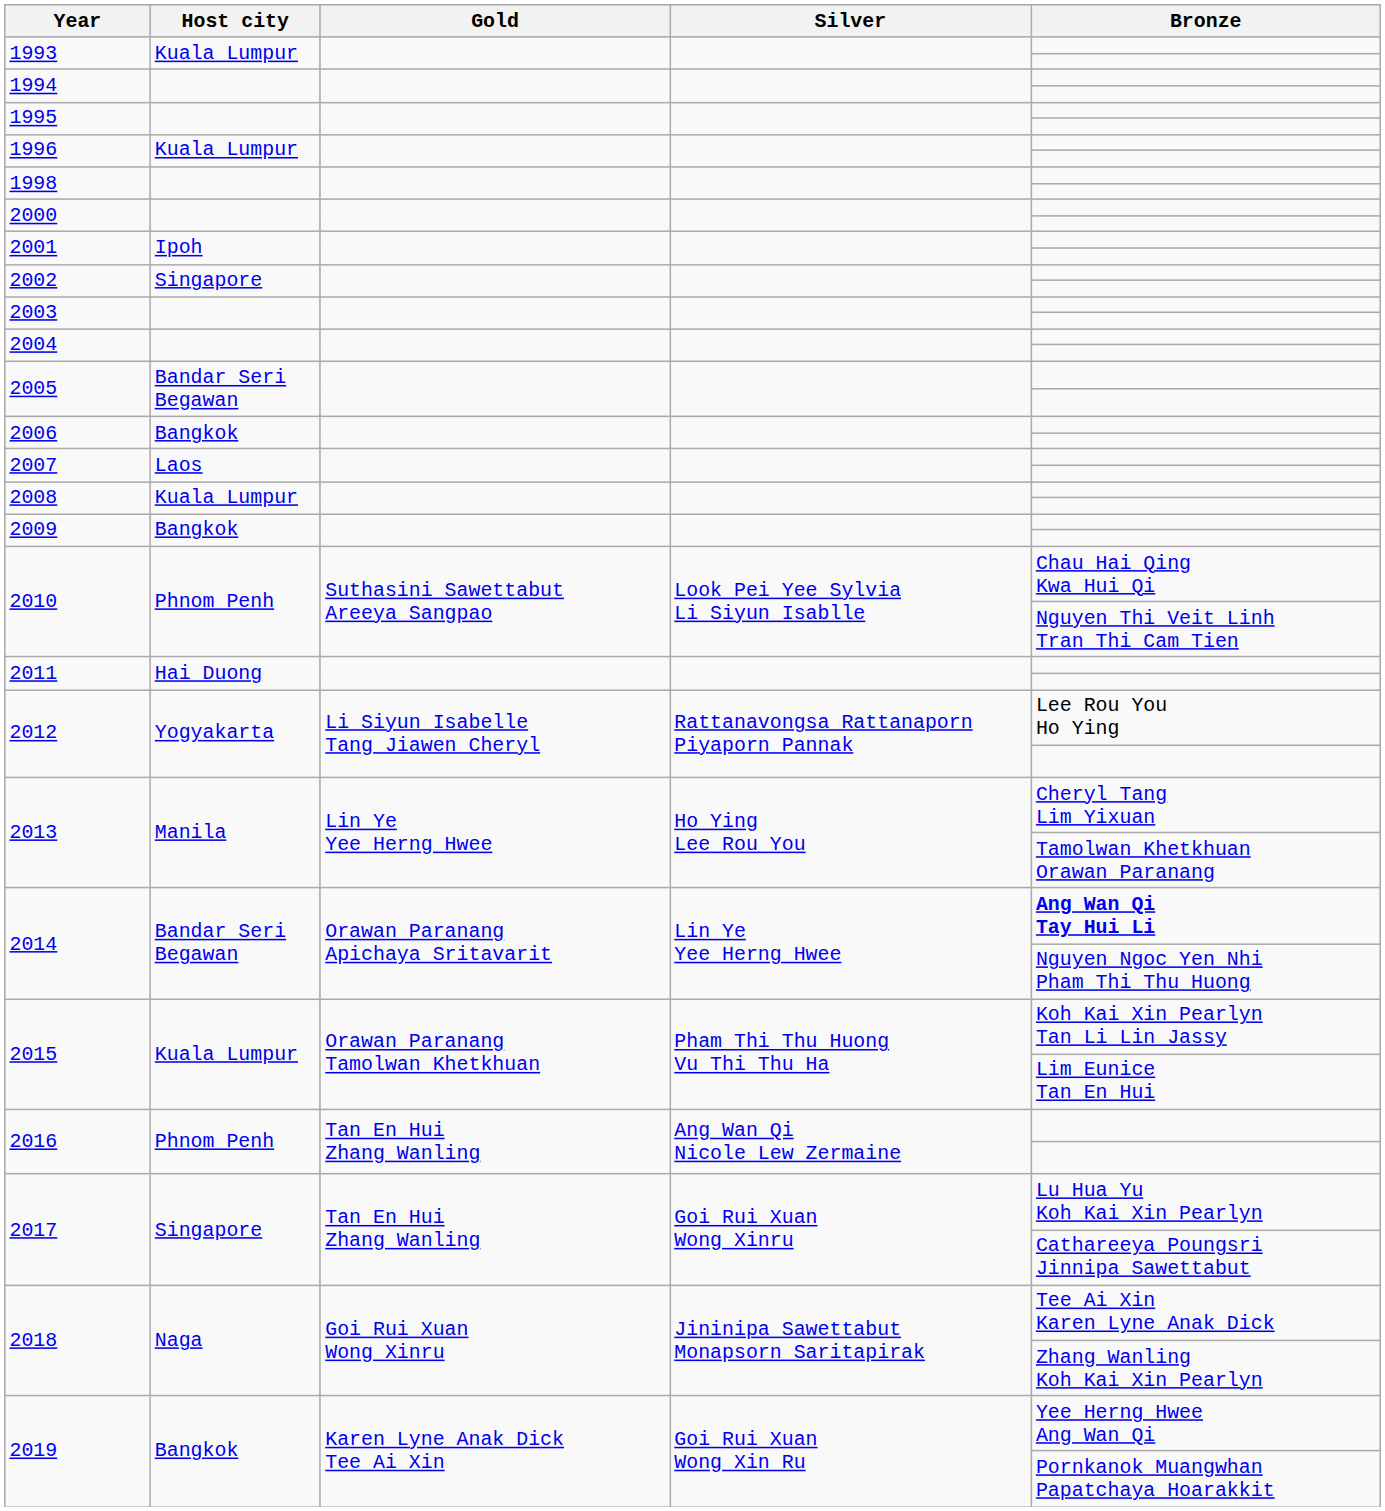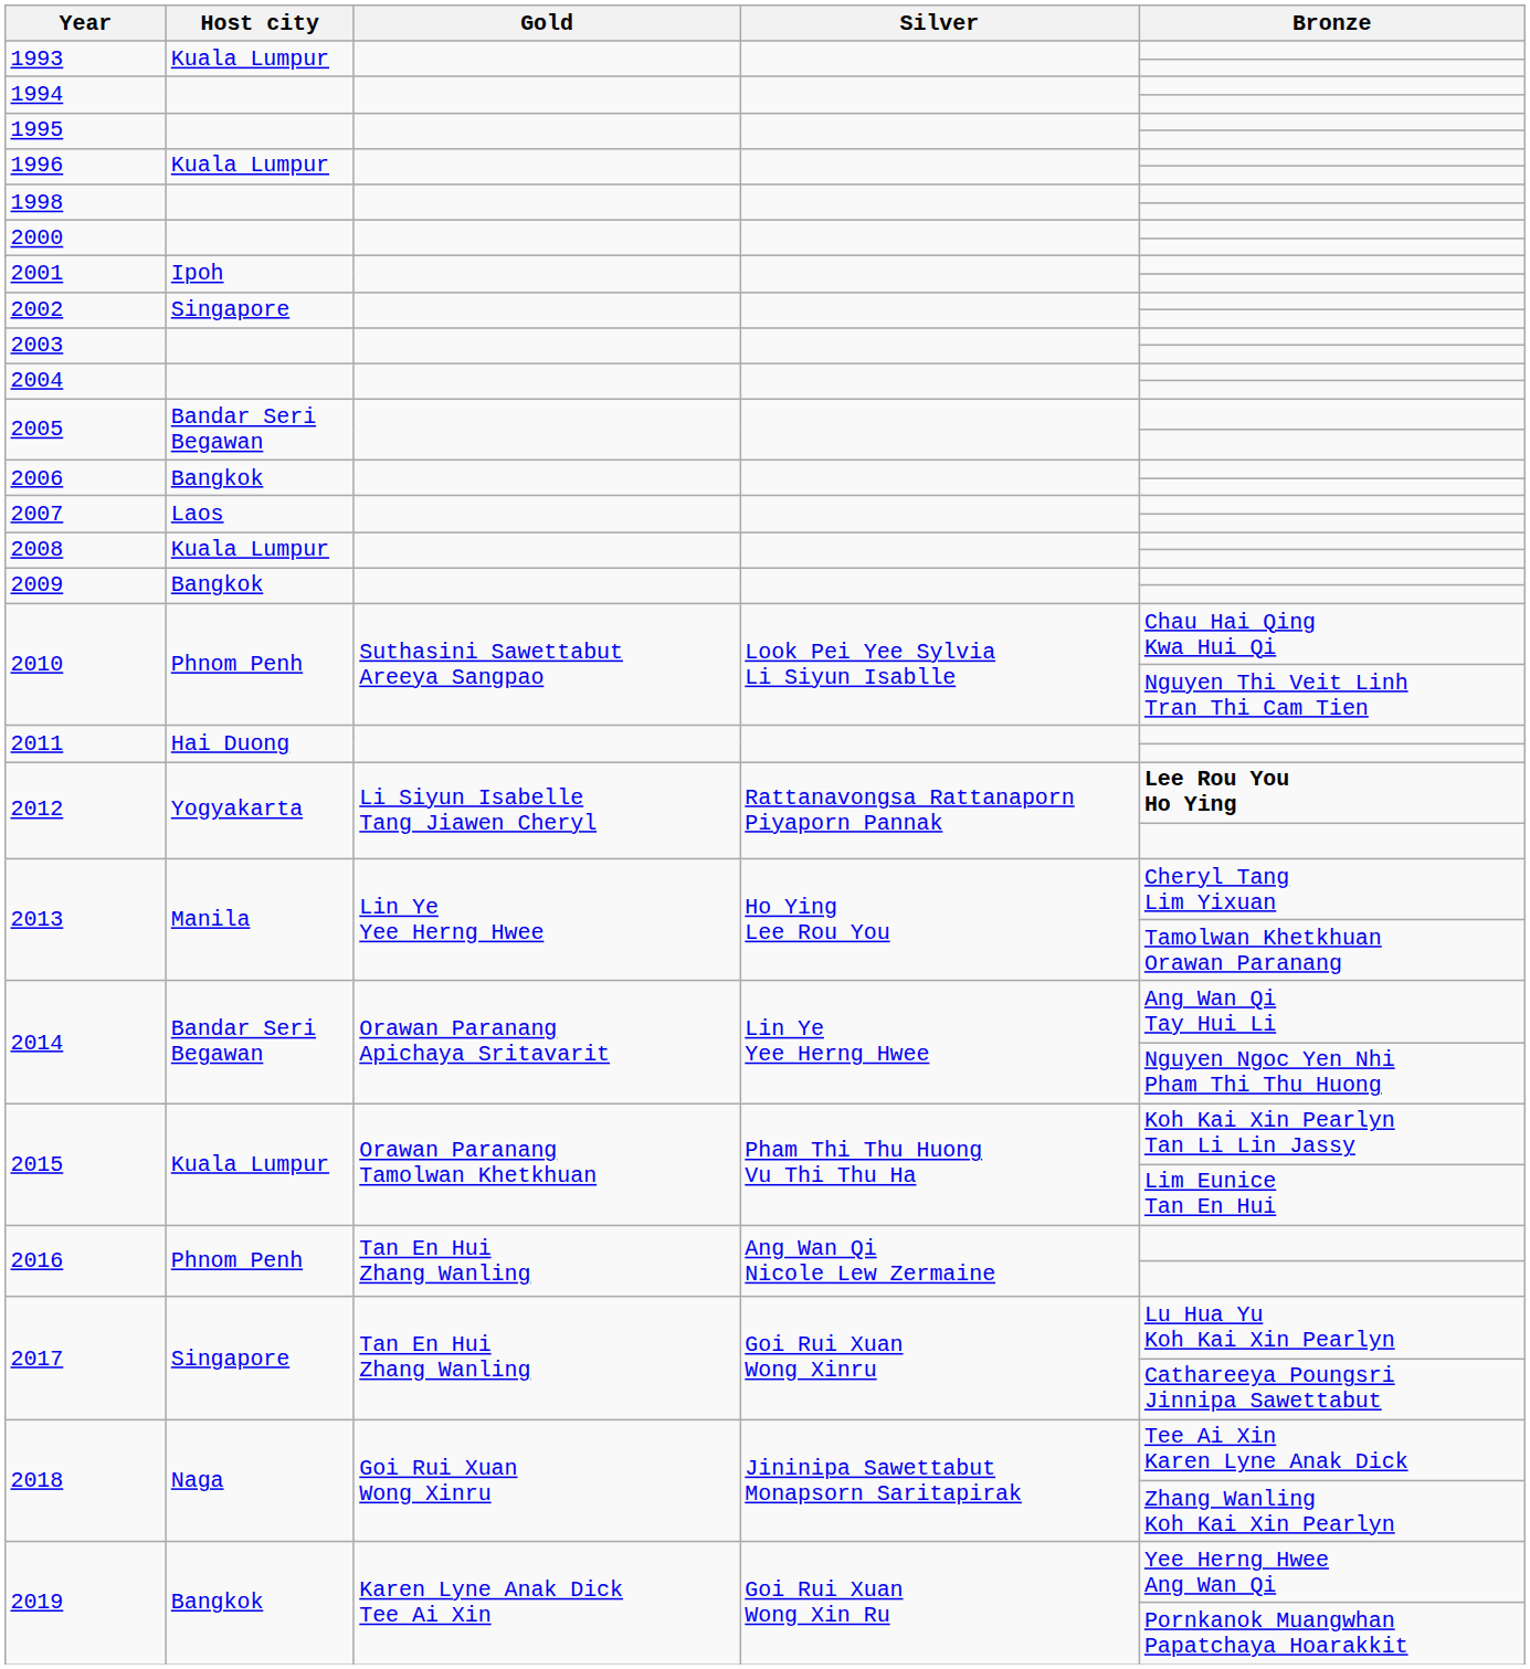 <table class="wikitable sortable" style="width:900px;">
 <tr>
 <th width="120">Year</th>
 <th width="120">Host city</th>
 <th width="300">Gold</th>
 <th width="300">Silver</th>
 <th width="300">Bronze</th>
 </tr>
 <tr>
 <td rowspan=2><a href='#'>1993</a></td>
 <td rowspan=2><a href='#'>Kuala Lumpur</a></td>
 <td rowspan=2></td>
 <td rowspan=2></td>
 <td></td>
 </tr>
 <tr>
 <td></td>
 </tr>
 <tr>
 <td rowspan=2><a href='#'>1994</a></td>
 <td rowspan=2></td>
 <td rowspan=2></td>
 <td rowspan=2></td>
 <td></td>
 </tr>
 <tr>
 <td></td>
 </tr>
 <tr>
 <td rowspan=2><a href='#'>1995</a></td>
 <td rowspan=2></td>
 <td rowspan=2></td>
 <td rowspan=2></td>
 <td></td>
 </tr>
 <tr>
 <td></td>
 </tr>
 <tr>
 <td rowspan=2><a href='#'>1996</a></td>
 <td rowspan=2><a href='#'>Kuala Lumpur</a></td>
 <td rowspan=2></td>
 <td rowspan=2></td>
 <td></td>
 </tr>
 <tr>
 <td></td>
 </tr>
 <tr>
 <td rowspan=2><a href='#'>1998</a></td>
 <td rowspan=2></td>
 <td rowspan=2></td>
 <td rowspan=2></td>
 <td></td>
 </tr>
 <tr>
 <td></td>
 </tr>
 <tr>
 <td rowspan=2><a href='#'>2000</a></td>
 <td rowspan=2></td>
 <td rowspan=2></td>
 <td rowspan=2></td>
 <td></td>
 </tr>
 <tr>
 <td></td>
 </tr>
 <tr>
 <td rowspan=2><a href='#'>2001</a></td>
 <td rowspan=2><a href='#'>Ipoh</a></td>
 <td rowspan=2></td>
 <td rowspan=2></td>
 <td></td>
 </tr>
 <tr>
 <td></td>
 </tr>
 <tr>
 <td rowspan=2><a href='#'>2002</a></td>
 <td rowspan=2><a href='#'>Singapore</a></td>
 <td rowspan=2></td>
 <td rowspan=2></td>
 <td></td>
 </tr>
 <tr>
 <td></td>
 </tr>
 <tr>
 <td rowspan=2><a href='#'>2003</a></td>
 <td rowspan=2></td>
 <td rowspan=2></td>
 <td rowspan=2></td>
 <td></td>
 </tr>
 <tr>
 <td></td>
 </tr>
 <tr>
 <td rowspan=2><a href='#'>2004</a></td>
 <td rowspan=2></td>
 <td rowspan=2></td>
 <td rowspan=2></td>
 <td></td>
 </tr>
 <tr>
 <td></td>
 </tr>
 <tr>
 <td rowspan=2><a href='#'>2005</a></td>
 <td rowspan=2><a href='#'>Bandar Seri Begawan</a></td>
 <td rowspan=2></td>
 <td rowspan=2></td>
 <td></td>
 </tr>
 <tr>
 <td></td>
 </tr>
 <tr>
 <td rowspan=2><a href='#'>2006</a></td>
 <td rowspan=2><a href='#'>Bangkok</a></td>
 <td rowspan=2></td>
 <td rowspan=2></td>
 <td></td>
 </tr>
 <tr>
 <td></td>
 </tr>
 <tr>
 <td rowspan=2><a href='#'>2007</a></td>
 <td rowspan=2><a href='#'>Laos</a></td>
 <td rowspan=2></td>
 <td rowspan=2></td>
 <td></td>
 </tr>
 <tr>
 <td></td>
 </tr>
 <tr>
 <td rowspan=2><a href='#'>2008</a></td>
 <td rowspan=2><a href='#'>Kuala Lumpur</a></td>
 <td rowspan=2></td>
 <td rowspan=2></td>
 <td></td>
 </tr>
 <tr>
 <td></td>
 </tr>
 <tr>
 <td rowspan=2><a href='#'>2009</a></td>
 <td rowspan=2><a href='#'>Bangkok</a></td>
 <td rowspan=2></td>
 <td rowspan=2></td>
 <td></td>
 </tr>
 <tr>
 <td></td>
 </tr>
 <tr>
 <td rowspan=2><a href='#'>2010</a></td>
 <td rowspan=2><a href='#'>Phnom Penh</a></td>
 <td rowspan=2> <a href='#'>Suthasini Sawettabut</a><br> <a href='#'>Areeya Sangpao</a></td>
 <td rowspan=2> <a href='#'>Look Pei Yee Sylvia</a><br> <a href='#'>Li Siyun Isablle</a></td>
 <td> <a href='#'>Chau Hai Qing</a><br> <a href='#'>Kwa Hui Qi</a></td>
 </tr>
 <tr>
 <td> <a href='#'>Nguyen Thi Veit Linh</a><br> <a href='#'>Tran Thi Cam Tien</a></td>
 </tr>
 <tr>
 <td rowspan=2><a href='#'>2011</a></td>
 <td rowspan=2><a href='#'>Hai Duong</a></td>
 <td rowspan=2></td>
 <td rowspan=2></td>
 <td></td>
 </tr>
 <tr>
 <td></td>
 </tr>
 <tr>
 <td rowspan=2><a href='#'>2012</a></td>
 <td rowspan=2><a href='#'>Yogyakarta</a></td>
 <td rowspan=2> <a href='#'>Li Siyun Isabelle</a><br> <a href='#'>Tang Jiawen Cheryl</a></td>
 <td rowspan=2><a href='#'>Rattanavongsa Rattanaporn</a><br> <a href='#'>Piyaporn Pannak</a></td>
-<td>Lee Rou You<br> Ho Ying</td>
+<td><strong>Lee Rou You<br> Ho Ying</strong></td>
 </tr>
 <tr>
 <td><br></td>
 </tr>
 <tr>
 <td rowspan=2><a href='#'>2013</a></td>
 <td rowspan=2><a href='#'>Manila</a></td>
 <td rowspan=2> <a href='#'>Lin Ye</a><br> <a href='#'>Yee Herng Hwee</a></td>
 <td rowspan=2> <a href='#'>Ho Ying</a><br> <a href='#'>Lee Rou You</a></td>
 <td> <a href='#'>Cheryl Tang</a><br> <a href='#'>Lim Yixuan</a></td>
 </tr>
 <tr>
 <td> <a href='#'>Tamolwan Khetkhuan</a><br> <a href='#'>Orawan Paranang</a></td>
 </tr>
 <tr>
 <td rowspan=2><a href='#'>2014</a></td>
 <td rowspan=2><a href='#'>Bandar Seri Begawan</a></td>
 <td rowspan=2> <a href='#'>Orawan Paranang</a><br> <a href='#'>Apichaya Sritavarit</a></td>
 <td rowspan=2> <a href='#'>Lin Ye</a><br> <a href='#'>Yee Herng Hwee</a></td>
-<td><strong> <a href='#'>Ang Wan Qi</a><br> <a href='#'>Tay Hui Li</a></strong></td>
+<td> <a href='#'>Ang Wan Qi</a><br> <a href='#'>Tay Hui Li</a></td>
 </tr>
 <tr>
 <td> <a href='#'>Nguyen Ngoc Yen Nhi</a><br> <a href='#'>Pham Thi Thu Huong</a></td>
 </tr>
 <tr>
 <td rowspan=2><a href='#'>2015</a></td>
 <td rowspan=2><a href='#'>Kuala Lumpur</a></td>
 <td rowspan=2> <a href='#'>Orawan Paranang</a><br> <a href='#'>Tamolwan Khetkhuan</a></td>
 <td rowspan=2> <a href='#'>Pham Thi Thu Huong</a><br> <a href='#'>Vu Thi Thu Ha</a></td>
 <td> <a href='#'>Koh Kai Xin Pearlyn</a><br> <a href='#'>Tan Li Lin Jassy</a></td>
 </tr>
 <tr>
 <td> <a href='#'>Lim Eunice</a><br> <a href='#'>Tan En Hui</a></td>
 </tr>
 <tr>
 <td rowspan=2><a href='#'>2016</a></td>
 <td rowspan=2><a href='#'>Phnom Penh</a></td>
 <td rowspan=2> <a href='#'>Tan En Hui</a><br> <a href='#'>Zhang Wanling</a></td>
 <td rowspan=2> <a href='#'>Ang Wan Qi</a><br> <a href='#'>Nicole Lew Zermaine</a></td>
 <td> <br></td>
 </tr>
 <tr>
 <td> <br></td>
 </tr>
 <tr>
 <td rowspan=2><a href='#'>2017</a></td>
 <td rowspan=2><a href='#'>Singapore</a></td>
 <td rowspan=2> <a href='#'>Tan En Hui</a><br> <a href='#'>Zhang Wanling</a></td>
 <td rowspan=2> <a href='#'>Goi Rui Xuan</a><br> <a href='#'>Wong Xinru</a></td>
 <td> <a href='#'>Lu Hua Yu</a><br> <a href='#'>Koh Kai Xin Pearlyn</a></td>
 </tr>
 <tr>
 <td> <a href='#'>Cathareeya Poungsri</a><br> <a href='#'>Jinnipa Sawettabut</a></td>
 </tr>
 <tr>
 <td rowspan=2><a href='#'>2018</a></td>
 <td rowspan=2><a href='#'>Naga</a></td>
 <td rowspan=2> <a href='#'>Goi Rui Xuan</a><br> <a href='#'>Wong Xinru</a></td>
 <td rowspan=2> <a href='#'>Jininipa Sawettabut</a><br> <a href='#'>Monapsorn Saritapirak</a></td>
 <td> <a href='#'>Tee Ai Xin</a><br> <a href='#'>Karen Lyne Anak Dick</a></td>
 </tr>
 <tr>
 <td> <a href='#'>Zhang Wanling</a><br> <a href='#'>Koh Kai Xin Pearlyn</a></td>
 </tr>
 <tr>
 <td rowspan=2><a href='#'>2019</a></td>
 <td rowspan=2><a href='#'>Bangkok</a></td>
 <td rowspan=2> <a href='#'>Karen Lyne Anak Dick</a><br> <a href='#'>Tee Ai Xin</a></td>
 <td rowspan=2> <a href='#'>Goi Rui Xuan</a><br> <a href='#'>Wong Xin Ru</a></td>
 <td> <a href='#'>Yee Herng Hwee</a><br> <a href='#'>Ang Wan Qi</a></td>
 </tr>
 <tr>
 <td> <a href='#'>Pornkanok Muangwhan</a><br> <a href='#'>Papatchaya Hoarakkit</a></td>
 </tr>
 </table>
